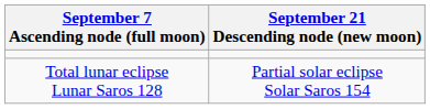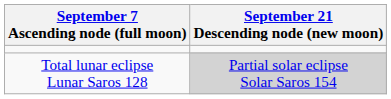 <table class="wikitable">
 <tr>
 <th><a href='#'>September 7</a><br>Ascending node (full moon)<br></th>
 <th><a href='#'>September 21</a><br>Descending node (new moon)<br></th>
 </tr>
 <tr>
 <td></td>
 <td></td>
 </tr>
 <tr align=center>
 <td><a href='#'>Total lunar eclipse</a><br><a href='#'>Lunar Saros 128</a></td>
-<td><a href='#'>Partial solar eclipse</a><br><a href='#'>Solar Saros 154</a></td>
+<td style="background: lightgrey;"><a href='#'>Partial solar eclipse</a><br><a href='#'>Solar Saros 154</a></td>
 </tr>
 </table>
